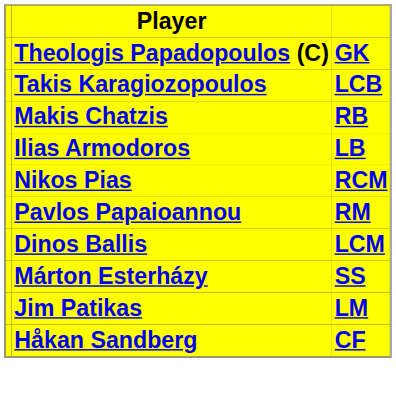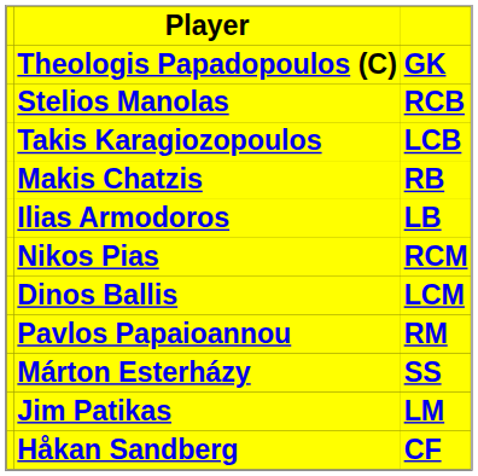 <table class="toccolours" border="0" cellpadding="2" cellspacing="0" align="center" style="margin: 0.5em 0 1em 1em; background: #000000; border: 1px #aaaaaa solid;">
 <tr bgcolor=#FFFF00>
 <th></th>
 <th>Player</th>
 <th></th>
 </tr>
 <tr bgcolor=#FFFF00>
 <td></td>
 <td><a href='#'><span><strong>Theologis Papadopoulos</strong></span></a> <strong>(C)</strong></td>
 <td><a href='#'><strong>GK</strong></a></td>
+</tr>
+<tr bgcolor=#FFFF00>
+<td></td>
+<td><a href='#'><span><strong>Stelios Manolas</strong></span></a></td>
+<td><a href='#'><strong>RCB</strong></a></td>
 </tr>
 <tr bgcolor=#FFFF00>
 <td></td>
 <td><a href='#'><span><strong>Takis Karagiozopoulos</strong></span></a></td>
 <td><a href='#'><strong>LCB</strong></a></td>
 </tr>
 <tr bgcolor=#FFFF00>
 <td></td>
 <td><a href='#'><span><strong>Makis Chatzis</strong></span></a></td>
 <td><a href='#'><strong>RB</strong></a></td>
 </tr>
 <tr bgcolor=#FFFF00>
 <td></td>
 <td><a href='#'><span><strong>Ilias Armodoros</strong></span></a></td>
 <td><a href='#'><strong>LB</strong></a></td>
 </tr>
 <tr bgcolor=#FFFF00>
 <td></td>
 <td><a href='#'><span><strong>Nikos Pias</strong></span></a></td>
 <td><a href='#'><strong>RCM</strong></a></td>
 </tr>
 <tr bgcolor=#FFFF00>
 <td></td>
-<td><a href='#'><span><strong>Pavlos Papaioannou</strong></span></a></td>
-<td><a href='#'><strong>RM</strong></a></td>
+<td><a href='#'><span><strong>Dinos Ballis</strong></span></a></td>
+<td><a href='#'><strong>LCM</strong></a></td>
 </tr>
 <tr bgcolor=#FFFF00>
 <td></td>
-<td><a href='#'><span><strong>Dinos Ballis</strong></span></a></td>
-<td><a href='#'><strong>LCM</strong></a></td>
+<td><a href='#'><span><strong>Pavlos Papaioannou</strong></span></a></td>
+<td><a href='#'><strong>RM</strong></a></td>
 </tr>
 <tr bgcolor=#FFFF00>
 <td></td>
 <td><a href='#'><span><strong>Márton Esterházy</strong></span></a></td>
 <td><a href='#'><strong>SS</strong></a></td>
 </tr>
 <tr bgcolor=#FFFF00>
 <td></td>
 <td><a href='#'><span><strong>Jim Patikas</strong></span></a></td>
 <td><a href='#'><strong>LM</strong></a></td>
 </tr>
 <tr bgcolor=#FFFF00>
 <td></td>
 <td><a href='#'><span><strong>Håkan Sandberg</strong></span></a></td>
 <td><a href='#'><strong>CF</strong></a></td>
 </tr>
 </table>
